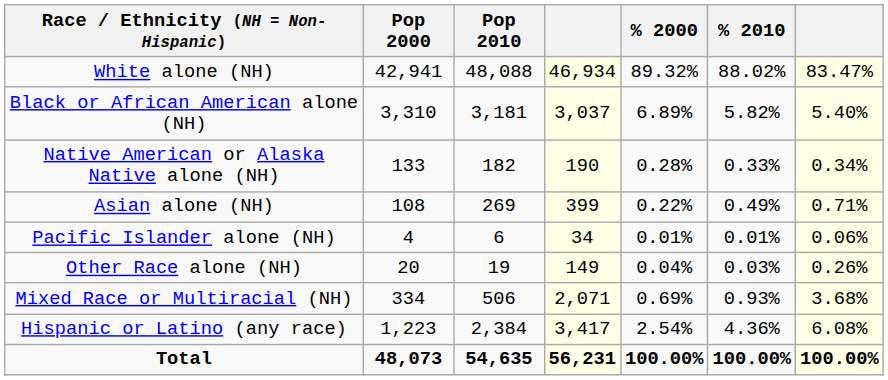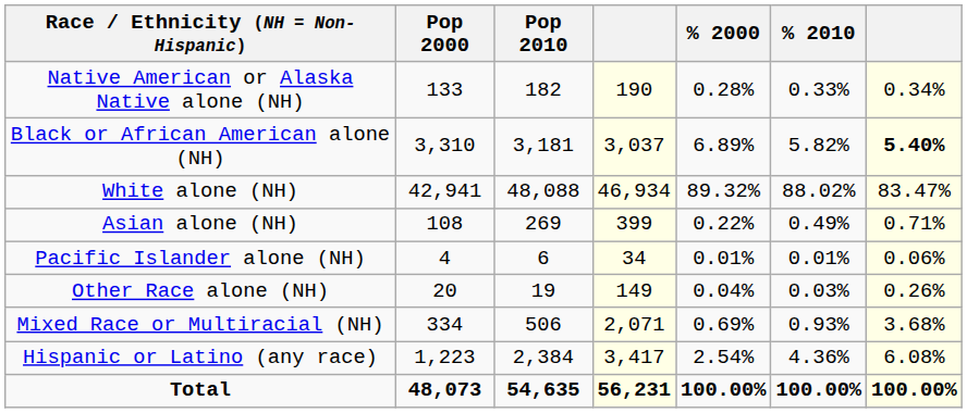 <table class="wikitable" style="text-align:center;">
 <tr>
 <th>Race / Ethnicity <small>(<em>NH = Non-Hispanic</em>)</small></th>
 <th>Pop 2000</th>
 <th>Pop 2010</th>
 <th></th>
 <th>% 2000</th>
 <th>% 2010</th>
 <th></th>
 </tr>
 <tr>
-<td><a href='#'>White</a> alone (NH)</td>
-<td>42,941</td>
-<td>48,088</td>
-<td style='background: #ffffe6;'>46,934</td>
-<td>89.32%</td>
-<td>88.02%</td>
-<td style='background: #ffffe6;'>83.47%</td>
+<td><a href='#'>Native American</a> or <a href='#'>Alaska Native</a> alone (NH)</td>
+<td>133</td>
+<td>182</td>
+<td style='background: #ffffe6;'>190</td>
+<td>0.28%</td>
+<td>0.33%</td>
+<td style='background: #ffffe6;'>0.34%</td>
 </tr>
 <tr>
 <td><a href='#'>Black or African American</a> alone (NH)</td>
 <td>3,310</td>
 <td>3,181</td>
 <td style='background: #ffffe6;'>3,037</td>
 <td>6.89%</td>
 <td>5.82%</td>
-<td style='background: #ffffe6;'>5.40%</td>
+<td style='background: #ffffe6;'><strong>5.40%</strong></td>
 </tr>
 <tr>
-<td><a href='#'>Native American</a> or <a href='#'>Alaska Native</a> alone (NH)</td>
-<td>133</td>
-<td>182</td>
-<td style='background: #ffffe6;'>190</td>
-<td>0.28%</td>
-<td>0.33%</td>
-<td style='background: #ffffe6;'>0.34%</td>
+<td><a href='#'>White</a> alone (NH)</td>
+<td>42,941</td>
+<td>48,088</td>
+<td style='background: #ffffe6;'>46,934</td>
+<td>89.32%</td>
+<td>88.02%</td>
+<td style='background: #ffffe6;'>83.47%</td>
 </tr>
 <tr>
 <td><a href='#'>Asian</a> alone (NH)</td>
 <td>108</td>
 <td>269</td>
 <td style='background: #ffffe6;'>399</td>
 <td>0.22%</td>
 <td>0.49%</td>
 <td style='background: #ffffe6;'>0.71%</td>
 </tr>
 <tr>
 <td><a href='#'>Pacific Islander</a> alone (NH)</td>
 <td>4</td>
 <td>6</td>
 <td style='background: #ffffe6;'>34</td>
 <td>0.01%</td>
 <td>0.01%</td>
 <td style='background: #ffffe6;'>0.06%</td>
 </tr>
 <tr>
 <td><a href='#'>Other Race</a> alone (NH)</td>
 <td>20</td>
 <td>19</td>
 <td style='background: #ffffe6;'>149</td>
 <td>0.04%</td>
 <td>0.03%</td>
 <td style='background: #ffffe6;'>0.26%</td>
 </tr>
 <tr>
 <td><a href='#'>Mixed Race or Multiracial</a> (NH)</td>
 <td>334</td>
 <td>506</td>
 <td style='background: #ffffe6;'>2,071</td>
 <td>0.69%</td>
 <td>0.93%</td>
 <td style='background: #ffffe6;'>3.68%</td>
 </tr>
 <tr>
 <td><a href='#'>Hispanic or Latino</a> (any race)</td>
 <td>1,223</td>
 <td>2,384</td>
 <td style='background: #ffffe6;'>3,417</td>
 <td>2.54%</td>
 <td>4.36%</td>
 <td style='background: #ffffe6;'>6.08%</td>
 </tr>
 <tr>
 <td><strong>Total</strong></td>
 <td><strong>48,073</strong></td>
 <td><strong>54,635</strong></td>
 <td style='background: #ffffe6;'><strong>56,231</strong></td>
 <td><strong>100.00%</strong></td>
 <td><strong>100.00%</strong></td>
 <td style='background: #ffffe6;'><strong>100.00%</strong></td>
 </tr>
 </table>
